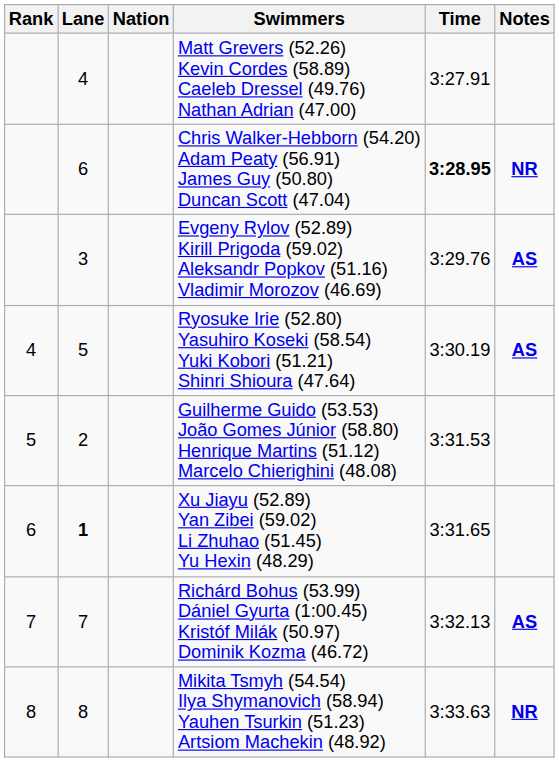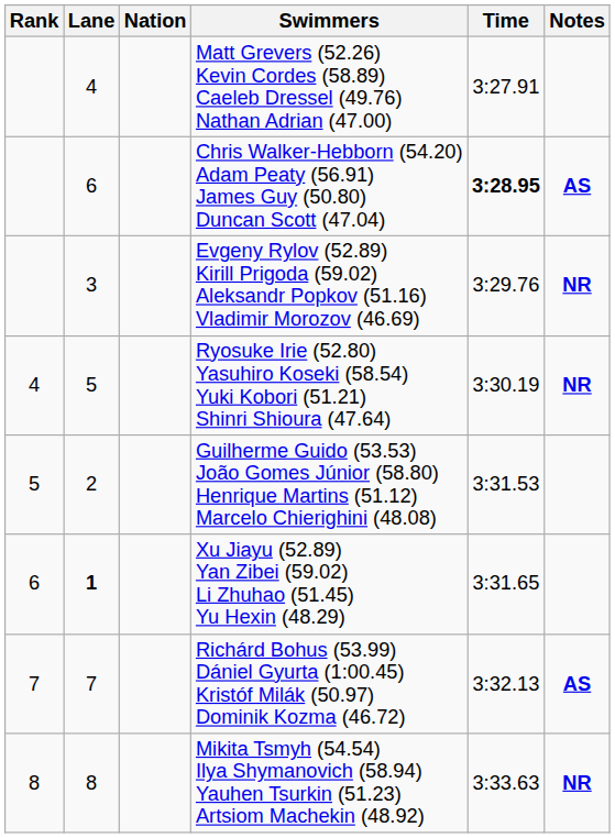 <table class="wikitable sortable" style="text-align:center">
 <tr>
 <th>Rank</th>
 <th>Lane</th>
 <th>Nation</th>
 <th>Swimmers</th>
 <th>Time</th>
 <th>Notes</th>
 </tr>
 <tr>
 <td></td>
 <td>4</td>
 <td align=left></td>
 <td align=left><a href='#'>Matt Grevers</a> (52.26)<br><a href='#'>Kevin Cordes</a> (58.89)<br><a href='#'>Caeleb Dressel</a> (49.76)<br><a href='#'>Nathan Adrian</a> (47.00)</td>
 <td>3:27.91</td>
 <td></td>
 </tr>
 <tr>
 <td></td>
 <td>6</td>
 <td align=left></td>
 <td align=left><a href='#'>Chris Walker-Hebborn</a> (54.20)<br><a href='#'>Adam Peaty</a> (56.91)<br><a href='#'>James Guy</a> (50.80)<br><a href='#'>Duncan Scott</a> (47.04)</td>
 <td><strong>3:28.95</strong></td>
-<td><strong><a href='#'>NR</a></strong></td>
+<td><strong><a href='#'>AS</a></strong></td>
 </tr>
 <tr>
 <td></td>
 <td>3</td>
 <td align=left></td>
 <td align=left><a href='#'>Evgeny Rylov</a> (52.89)<br><a href='#'>Kirill Prigoda</a> (59.02)<br><a href='#'>Aleksandr Popkov</a> (51.16)<br><a href='#'>Vladimir Morozov</a> (46.69)</td>
 <td>3:29.76</td>
-<td><strong><a href='#'>AS</a></strong></td>
+<td><strong><a href='#'>NR</a></strong></td>
 </tr>
 <tr>
 <td>4</td>
 <td>5</td>
 <td align=left></td>
 <td align=left><a href='#'>Ryosuke Irie</a> (52.80)<br><a href='#'>Yasuhiro Koseki</a> (58.54)<br><a href='#'>Yuki Kobori</a> (51.21)<br><a href='#'>Shinri Shioura</a> (47.64)</td>
 <td>3:30.19</td>
-<td><strong><a href='#'>AS</a></strong></td>
+<td><strong><a href='#'>NR</a></strong></td>
 </tr>
 <tr>
 <td>5</td>
 <td>2</td>
 <td align=left></td>
 <td align=left><a href='#'>Guilherme Guido</a> (53.53)<br><a href='#'>João Gomes Júnior</a> (58.80)<br><a href='#'>Henrique Martins</a> (51.12)<br><a href='#'>Marcelo Chierighini</a> (48.08)</td>
 <td>3:31.53</td>
 <td></td>
 </tr>
 <tr>
 <td>6</td>
 <td><strong>1</strong></td>
 <td align=left></td>
 <td align=left><a href='#'>Xu Jiayu</a> (52.89)<br><a href='#'>Yan Zibei</a> (59.02)<br><a href='#'>Li Zhuhao</a> (51.45) <br><a href='#'>Yu Hexin</a> (48.29)</td>
 <td>3:31.65</td>
 <td></td>
 </tr>
 <tr>
 <td>7</td>
 <td>7</td>
 <td align=left></td>
 <td align=left><a href='#'>Richárd Bohus</a> (53.99)<br><a href='#'>Dániel Gyurta</a> (1:00.45)<br><a href='#'>Kristóf Milák</a> (50.97)<br><a href='#'>Dominik Kozma</a> (46.72)</td>
 <td>3:32.13</td>
 <td><strong><a href='#'>AS</a></strong></td>
 </tr>
 <tr>
 <td>8</td>
 <td>8</td>
 <td align=left></td>
 <td align=left><a href='#'>Mikita Tsmyh</a> (54.54)<br><a href='#'>Ilya Shymanovich</a> (58.94)<br><a href='#'>Yauhen Tsurkin</a> (51.23)<br><a href='#'>Artsiom Machekin</a> (48.92)</td>
 <td>3:33.63</td>
 <td><strong><a href='#'>NR</a></strong></td>
 </tr>
 </table>
